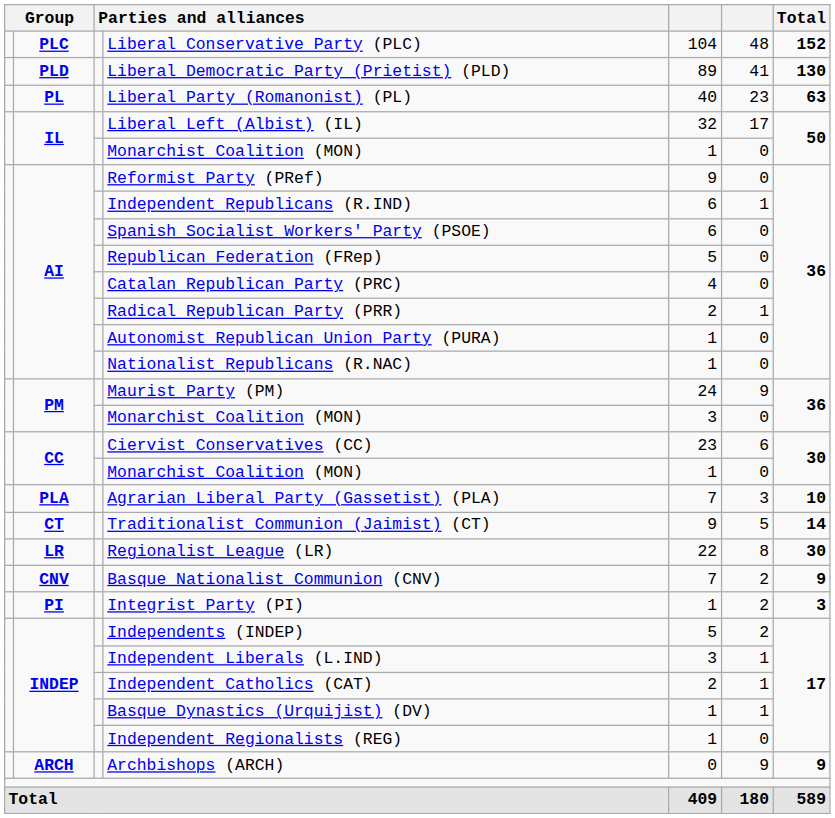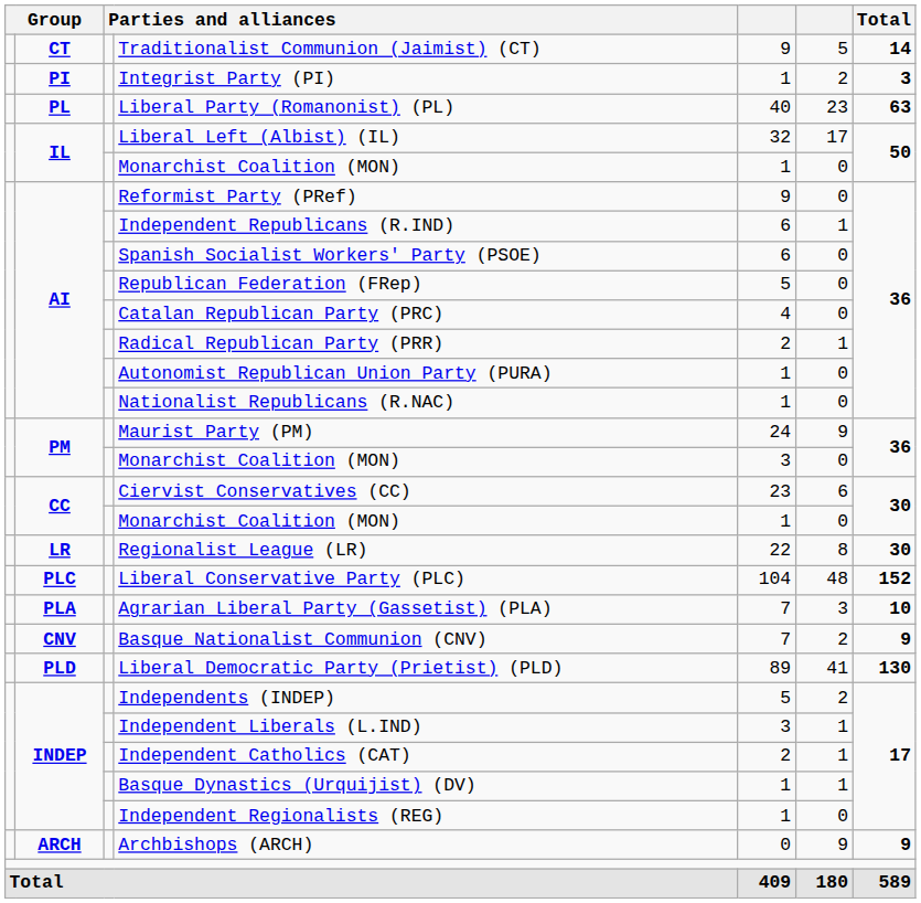 <table class="wikitable" style="text-align:right;">
 <tr>
 <th colspan="2" width="65">Group</th>
 <th style="text-align:left;" colspan="2" width="450">Parties and alliances</th>
 <th width="35"></th>
 <th width="35"></th>
 <th width="35">Total</th>
 </tr>
 <tr>
-<td width="1" style="color:inherit;background:"></td>
-<td align="center"><strong><a href='#'>PLC</a></strong></td>
-<td width="1" style="color:inherit;background:"></td>
-<td align="left"><a href='#'>Liberal Conservative Party</a> (PLC)</td>
-<td>104</td>
-<td>48</td>
-<td><strong>152</strong></td>
+<td style="color:inherit;background:"></td>
+<td align="center"><strong><a href='#'>CT</a></strong></td>
+<td style="color:inherit;background:"></td>
+<td align="left"><a href='#'>Traditionalist Communion (Jaimist)</a> (CT)</td>
+<td>9</td>
+<td>5</td>
+<td><strong>14</strong></td>
 </tr>
 <tr>
 <td style="color:inherit;background:"></td>
-<td align="center"><strong><a href='#'>PLD</a></strong></td>
+<td align="center"><strong><a href='#'>PI</a></strong></td>
 <td style="color:inherit;background:"></td>
-<td align="left"><a href='#'>Liberal Democratic Party (Prietist)</a> (PLD)</td>
-<td>89</td>
-<td>41</td>
-<td><strong>130</strong></td>
+<td align="left"><a href='#'>Integrist Party</a> (PI)</td>
+<td>1</td>
+<td>2</td>
+<td><strong>3</strong></td>
 </tr>
 <tr>
 <td style="color:inherit;background:"></td>
 <td align="center"><strong><a href='#'>PL</a></strong></td>
 <td style="color:inherit;background:"></td>
 <td align="left"><a href='#'>Liberal Party (Romanonist)</a> (PL)</td>
 <td>40</td>
 <td>23</td>
 <td><strong>63</strong></td>
 </tr>
 <tr>
 <td rowspan="2" style="color:inherit;background:"></td>
 <td rowspan="2" align="center"><strong><a href='#'>IL</a></strong></td>
 <td style="color:inherit;background:"></td>
 <td align="left"><a href='#'>Liberal Left (Albist)</a> (IL)</td>
 <td>32</td>
 <td>17</td>
 <td rowspan="2"><strong>50</strong></td>
 </tr>
 <tr>
 <td style="color:inherit;background:"></td>
 <td align="left"><a href='#'>Monarchist Coalition</a> (MON)</td>
 <td>1</td>
 <td>0</td>
 </tr>
 <tr>
 <td rowspan="8" style="color:inherit;background:"></td>
 <td rowspan="8" align="center"><strong><a href='#'>AI</a></strong></td>
 <td style="color:inherit;background:"></td>
 <td align="left"><a href='#'>Reformist Party</a> (PRef)</td>
 <td>9</td>
 <td>0</td>
 <td rowspan="8"><strong>36</strong></td>
 </tr>
 <tr>
 <td style="color:inherit;background:"></td>
 <td align="left"><a href='#'>Independent Republicans</a> (R.IND)</td>
 <td>6</td>
 <td>1</td>
 </tr>
 <tr>
 <td style="color:inherit;background:"></td>
 <td align="left"><a href='#'>Spanish Socialist Workers' Party</a> (PSOE)</td>
 <td>6</td>
 <td>0</td>
 </tr>
 <tr>
 <td style="color:inherit;background:"></td>
 <td align="left"><a href='#'>Republican Federation</a> (FRep)</td>
 <td>5</td>
 <td>0</td>
 </tr>
 <tr>
 <td style="color:inherit;background:"></td>
 <td align="left"><a href='#'>Catalan Republican Party</a> (PRC)</td>
 <td>4</td>
 <td>0</td>
 </tr>
 <tr>
 <td style="color:inherit;background:"></td>
 <td align="left"><a href='#'>Radical Republican Party</a> (PRR)</td>
 <td>2</td>
 <td>1</td>
 </tr>
 <tr>
 <td style="color:inherit;background:"></td>
 <td align="left"><a href='#'>Autonomist Republican Union Party</a> (PURA)</td>
 <td>1</td>
 <td>0</td>
 </tr>
 <tr>
 <td style="color:inherit;background:"></td>
 <td align="left"><a href='#'>Nationalist Republicans</a> (R.NAC)</td>
 <td>1</td>
 <td>0</td>
 </tr>
 <tr>
 <td rowspan="2" style="color:inherit;background:"></td>
 <td rowspan="2" align="center"><strong><a href='#'>PM</a></strong></td>
 <td style="color:inherit;background:"></td>
 <td align="left"><a href='#'>Maurist Party</a> (PM)</td>
 <td>24</td>
 <td>9</td>
 <td rowspan="2"><strong>36</strong></td>
 </tr>
 <tr>
 <td style="color:inherit;background:"></td>
 <td align="left"><a href='#'>Monarchist Coalition</a> (MON)</td>
 <td>3</td>
 <td>0</td>
 </tr>
 <tr>
 <td rowspan="2" style="color:inherit;background:"></td>
 <td rowspan="2" align="center"><strong><a href='#'>CC</a></strong></td>
 <td style="color:inherit;background:"></td>
 <td align="left"><a href='#'>Ciervist Conservatives</a> (CC)</td>
 <td>23</td>
 <td>6</td>
 <td rowspan="2"><strong>30</strong></td>
 </tr>
 <tr>
 <td style="color:inherit;background:"></td>
 <td align="left"><a href='#'>Monarchist Coalition</a> (MON)</td>
 <td>1</td>
 <td>0</td>
 </tr>
 <tr>
 <td style="color:inherit;background:"></td>
+<td align="center"><strong><a href='#'>LR</a></strong></td>
+<td style="color:inherit;background:"></td>
+<td align="left"><a href='#'>Regionalist League</a> (LR)</td>
+<td>22</td>
+<td>8</td>
+<td><strong>30</strong></td>
+</tr>
+<tr>
+<td width="1" style="color:inherit;background:"></td>
+<td align="center"><strong><a href='#'>PLC</a></strong></td>
+<td width="1" style="color:inherit;background:"></td>
+<td align="left"><a href='#'>Liberal Conservative Party</a> (PLC)</td>
+<td>104</td>
+<td>48</td>
+<td><strong>152</strong></td>
+</tr>
+<tr>
+<td style="color:inherit;background:"></td>
 <td align="center"><strong><a href='#'>PLA</a></strong></td>
 <td style="color:inherit;background:"></td>
 <td align="left"><a href='#'>Agrarian Liberal Party (Gassetist)</a> (PLA)</td>
 <td>7</td>
 <td>3</td>
 <td><strong>10</strong></td>
-</tr>
-<tr>
-<td style="color:inherit;background:"></td>
-<td align="center"><strong><a href='#'>CT</a></strong></td>
-<td style="color:inherit;background:"></td>
-<td align="left"><a href='#'>Traditionalist Communion (Jaimist)</a> (CT)</td>
-<td>9</td>
-<td>5</td>
-<td><strong>14</strong></td>
-</tr>
-<tr>
-<td style="color:inherit;background:"></td>
-<td align="center"><strong><a href='#'>LR</a></strong></td>
-<td style="color:inherit;background:"></td>
-<td align="left"><a href='#'>Regionalist League</a> (LR)</td>
-<td>22</td>
-<td>8</td>
-<td><strong>30</strong></td>
 </tr>
 <tr>
 <td style="color:inherit;background:"></td>
 <td align="center"><strong><a href='#'>CNV</a></strong></td>
 <td style="color:inherit;background:"></td>
 <td align="left"><a href='#'>Basque Nationalist Communion</a> (CNV)</td>
 <td>7</td>
 <td>2</td>
 <td><strong>9</strong></td>
 </tr>
 <tr>
 <td style="color:inherit;background:"></td>
-<td align="center"><strong><a href='#'>PI</a></strong></td>
+<td align="center"><strong><a href='#'>PLD</a></strong></td>
 <td style="color:inherit;background:"></td>
-<td align="left"><a href='#'>Integrist Party</a> (PI)</td>
-<td>1</td>
-<td>2</td>
-<td><strong>3</strong></td>
+<td align="left"><a href='#'>Liberal Democratic Party (Prietist)</a> (PLD)</td>
+<td>89</td>
+<td>41</td>
+<td><strong>130</strong></td>
 </tr>
 <tr>
 <td rowspan="5" style="color:inherit;background:"></td>
 <td rowspan="5" align="center"><strong><a href='#'>INDEP</a></strong></td>
 <td style="color:inherit;background:"></td>
 <td align="left"><a href='#'>Independents</a> (INDEP)</td>
 <td>5</td>
 <td>2</td>
 <td rowspan="5"><strong>17</strong></td>
 </tr>
 <tr>
 <td style="color:inherit;background:"></td>
 <td align="left"><a href='#'>Independent Liberals</a> (L.IND)</td>
 <td>3</td>
 <td>1</td>
 </tr>
 <tr>
 <td style="color:inherit;background:"></td>
 <td align="left"><a href='#'>Independent Catholics</a> (CAT)</td>
 <td>2</td>
 <td>1</td>
 </tr>
 <tr>
 <td style="color:inherit;background:"></td>
 <td align="left"><a href='#'>Basque Dynastics (Urquijist)</a> (DV)</td>
 <td>1</td>
 <td>1</td>
 </tr>
 <tr>
 <td style="color:inherit;background:"></td>
 <td align="left"><a href='#'>Independent Regionalists</a> (REG)</td>
 <td>1</td>
 <td>0</td>
 </tr>
 <tr>
 <td style="color:inherit;background:"></td>
 <td align="center"><strong><a href='#'>ARCH</a></strong></td>
 <td style="color:inherit;background:"></td>
 <td align="left"><a href='#'>Archbishops</a> (ARCH)</td>
 <td>0</td>
 <td>9</td>
 <td><strong>9</strong></td>
 </tr>
 <tr>
 <td colspan="7"></td>
 </tr>
 <tr style="background:#E4E4E4; font-weight:bold;">
 <td align="left" colspan="4">Total</td>
 <td>409</td>
 <td>180</td>
 <td>589</td>
 </tr>
 </table>
